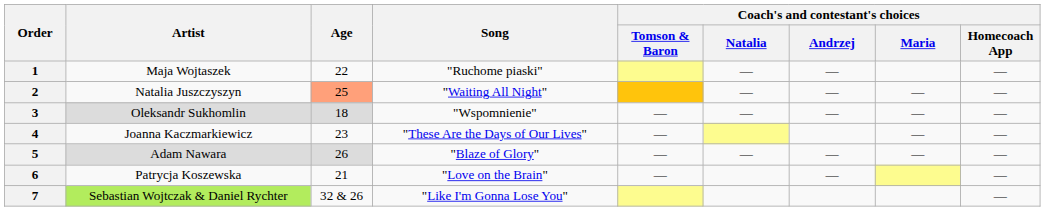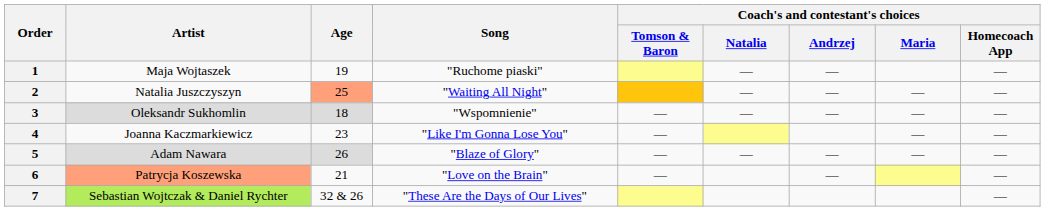 <table class="wikitable" style="text-align:center; width:100%;">
 <tr>
 <th scope="col" rowspan="2" style="width:05%;">Order</th>
 <th scope="col" rowspan="2" style="width:20%;">Artist</th>
 <th scope="col" rowspan="2" style="width:05%;">Age</th>
 <th scope="col" rowspan="2" style="width:20%;">Song</th>
 <th scope="col" colspan="5" style="width:32%;">Coach's and contestant's choices</th>
 </tr>
 <tr>
 <th style="width:07%;"><a href='#'>Tomson & Baron</a></th>
 <th style="width:07%;"><a href='#'>Natalia</a></th>
 <th style="width:07%;"><a href='#'>Andrzej</a></th>
 <th style="width:07%;"><a href='#'>Maria</a></th>
 <th style="width:04%;">Homecoach App</th>
 </tr>
 <tr>
 <th>1</th>
 <td>Maja Wojtaszek</td>
-<td>22</td>
+<td>19</td>
 <td>"Ruchome piaski"</td>
 <td style="background:#fdfc8f;"><strong></strong></td>
 <td>—</td>
 <td>—</td>
 <td><strong></strong></td>
 <td>—</td>
 </tr>
 <tr>
 <th>2</th>
 <td>Natalia Juszczyszyn</td>
 <td style="background: lightsalmon;">25</td>
 <td>"<a href='#'>Waiting All Night</a>"</td>
 <td style="background:#FFC40C;"><strong></strong></td>
 <td>—</td>
 <td>—</td>
 <td>—</td>
 <td>—</td>
 </tr>
 <tr>
 <th>3</th>
 <td style="background:#DCDCDC;">Oleksandr Sukhomlin</td>
 <td style="background:#DCDCDC;">18</td>
 <td>"Wspomnienie"</td>
 <td>—</td>
 <td>—</td>
 <td>—</td>
 <td>—</td>
 <td>—</td>
 </tr>
 <tr>
 <th>4</th>
 <td>Joanna Kaczmarkiewicz</td>
 <td>23</td>
-<td>"<a href='#'>These Are the Days of Our Lives</a>"</td>
+<td>"<a href='#'>Like I'm Gonna Lose You</a>"</td>
 <td>—</td>
 <td style="background:#fdfc8f;"><strong></strong></td>
 <td><strong></strong></td>
 <td>—</td>
 <td>—</td>
 </tr>
 <tr>
 <th>5</th>
 <td style="background:#DCDCDC;">Adam Nawara</td>
 <td style="background:#DCDCDC;">26</td>
 <td>"<a href='#'>Blaze of Glory</a>"</td>
 <td>—</td>
 <td>—</td>
 <td>—</td>
 <td>—</td>
 <td>—</td>
 </tr>
 <tr>
 <th>6</th>
-<td>Patrycja Koszewska</td>
+<td style="background: lightsalmon;">Patrycja Koszewska</td>
 <td>21</td>
 <td>"<a href='#'>Love on the Brain</a>"</td>
 <td>—</td>
 <td><strong></strong></td>
 <td>—</td>
 <td style="background:#fdfc8f;"><strong></strong></td>
 <td>—</td>
 </tr>
 <tr>
 <th>7</th>
 <td style="background-color:#B2EC5D;">Sebastian Wojtczak & Daniel Rychter</td>
 <td>32 & 26</td>
-<td>"<a href='#'>Like I'm Gonna Lose You</a>"</td>
+<td>"<a href='#'>These Are the Days of Our Lives</a>"</td>
 <td style="background:#fdfc8f;"><strong></strong></td>
 <td><strong></strong></td>
 <td><strong></strong></td>
 <td><strong></strong></td>
 <td>—</td>
 </tr>
 </table>
